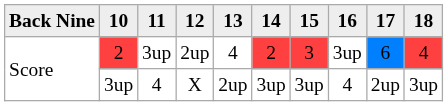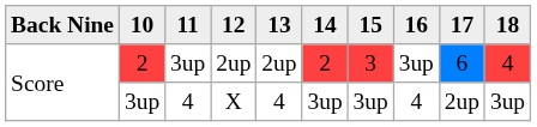 <table cellpadding="3" cellspacing="0" border="1" style="font-size: 95%; border: #aaa solid 1px; border-collapse: collapse;">
 <tr style="background:#eeeeee;">
 <th align="left">Back Nine</th>
 <th align=center>10</th>
 <th align=center>11</th>
 <th align=center>12</th>
 <th align=center>13</th>
 <th align=center>14</th>
 <th align=center>15</th>
 <th align=center>16</th>
 <th align=center>17</th>
 <th align=center>18</th>
 </tr>
 <tr>
 <td rowspan=2>Score</td>
 <td align="center" style="background:#FF4040;">2</td>
 <td>3up</td>
 <td>2up</td>
-<td align="center">4</td>
+<td>2up</td>
 <td align="center" style="background:#FF4040;">2</td>
 <td align="center" style="background:#FF4040;">3</td>
 <td>3up</td>
 <td align="center" style="background:#007FFF;">6</td>
 <td align="center" style="background:#FF4040;">4</td>
 </tr>
 <tr>
 <td>3up</td>
 <td align="center">4</td>
 <td align="center">X</td>
-<td>2up</td>
+<td align="center">4</td>
 <td>3up</td>
 <td>3up</td>
 <td align="center">4</td>
 <td>2up</td>
 <td>3up</td>
 </tr>
 </table>
